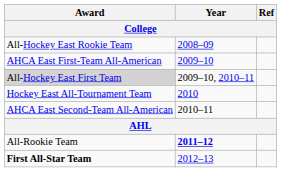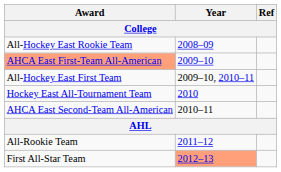 <table class="wikitable">
 <tr>
 <th>Award</th>
 <th>Year</th>
 <th>Ref</th>
 </tr>
 <tr>
 <th colspan="3"><a href='#'>College</a></th>
 </tr>
 <tr>
 <td>All-<a href='#'>Hockey East Rookie Team</a></td>
 <td><a href='#'>2008–09</a></td>
 <td></td>
 </tr>
 <tr>
-<td><a href='#'>AHCA East First-Team All-American</a></td>
+<td style="background: lightsalmon;"><a href='#'>AHCA East First-Team All-American</a></td>
 <td><a href='#'>2009–10</a></td>
 <td></td>
 </tr>
 <tr>
-<td style="background: lightgrey;">All-<a href='#'>Hockey East First Team</a></td>
+<td>All-<a href='#'>Hockey East First Team</a></td>
 <td>2009–10, <a href='#'>2010–11</a></td>
 <td></td>
 </tr>
 <tr>
 <td><a href='#'>Hockey East All-Tournament Team</a></td>
 <td><a href='#'>2010</a></td>
 <td></td>
 </tr>
 <tr>
 <td><a href='#'>AHCA East Second-Team All-American</a></td>
 <td>2010–11</td>
 <td></td>
 </tr>
 <tr>
 <th colspan="3"><a href='#'>AHL</a></th>
 </tr>
 <tr>
 <td>All-Rookie Team</td>
-<td><strong><a href='#'>2011–12</a></strong></td>
+<td><a href='#'>2011–12</a></td>
 <td></td>
 </tr>
 <tr>
-<td><strong>First All-Star Team</strong></td>
-<td><a href='#'>2012–13</a></td>
+<td>First All-Star Team</td>
+<td style="background: lightsalmon;"><a href='#'>2012–13</a></td>
 <td></td>
 </tr>
 </table>
